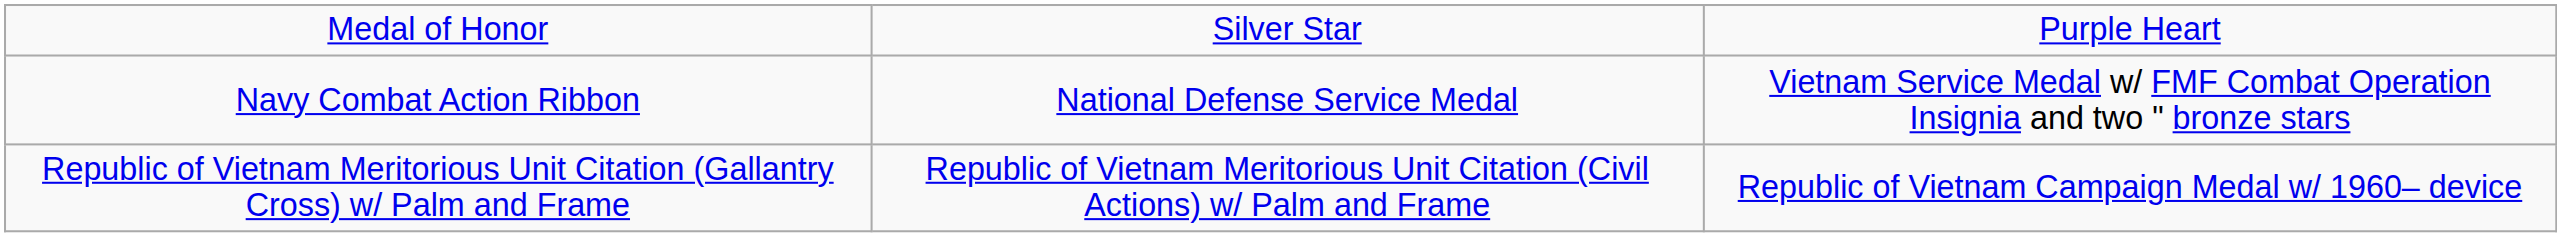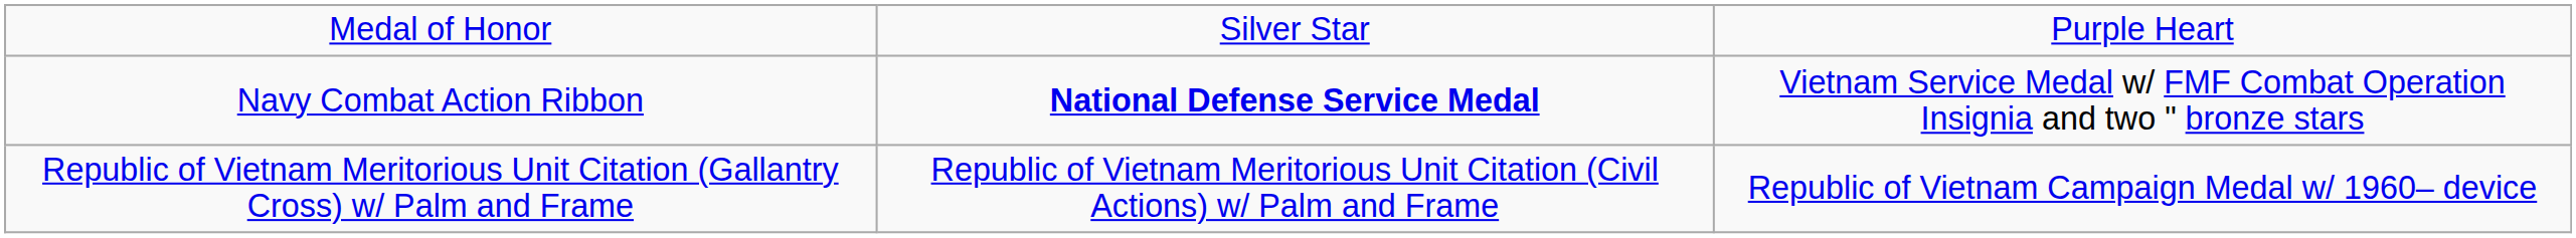 <table class="wikitable" style="margin:1em auto; text-align:center;">
 <tr>
 <td><a href='#'>Medal of Honor</a></td>
 <td><a href='#'>Silver Star</a></td>
 <td><a href='#'>Purple Heart</a></td>
 </tr>
 <tr>
 <td><a href='#'>Navy Combat Action Ribbon</a></td>
-<td><a href='#'>National Defense Service Medal</a></td>
+<td><strong><a href='#'>National Defense Service Medal</a></strong></td>
 <td><a href='#'>Vietnam Service Medal</a> w/ <a href='#'>FMF Combat Operation Insignia</a> and two " <a href='#'>bronze stars</a></td>
 </tr>
 <tr>
 <td><a href='#'>Republic of Vietnam Meritorious Unit Citation (Gallantry Cross) w/ Palm and Frame</a></td>
 <td><a href='#'>Republic of Vietnam Meritorious Unit Citation (Civil Actions) w/ Palm and Frame</a></td>
 <td><a href='#'>Republic of Vietnam Campaign Medal w/ 1960– device</a></td>
 </tr>
 </table>
